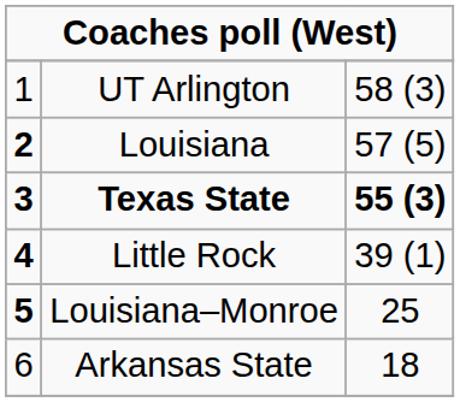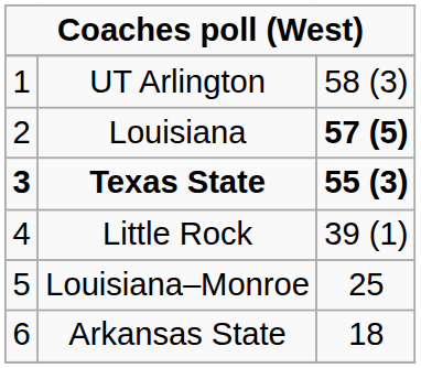 <table class="wikitable">
 <tr align="center">
 <td align="center" Colspan="3"><strong>Coaches poll (West)</strong></td>
 </tr>
 <tr align="center">
 </tr>
 <tr align="center">
 <td>1</td>
 <td>UT Arlington</td>
 <td>58 (3)</td>
 </tr>
 <tr align="center">
-<td><strong>2</strong></td>
+<td>2</td>
 <td>Louisiana</td>
-<td>57 (5)</td>
+<td><strong>57 (5)</strong></td>
 </tr>
 <tr align="center">
 <td><strong>3</strong></td>
 <td><strong>Texas State</strong></td>
 <td><strong>55 (3)</strong></td>
 </tr>
 <tr align="center">
-<td><strong>4</strong></td>
+<td>4</td>
 <td>Little Rock</td>
 <td>39 (1)</td>
 </tr>
 <tr align="center">
-<td><strong>5</strong></td>
+<td>5</td>
 <td>Louisiana–Monroe</td>
 <td>25</td>
 </tr>
 <tr align="center">
 <td>6</td>
 <td>Arkansas State</td>
 <td>18</td>
 </tr>
 <tr align="center">
 </tr>
 </table>
